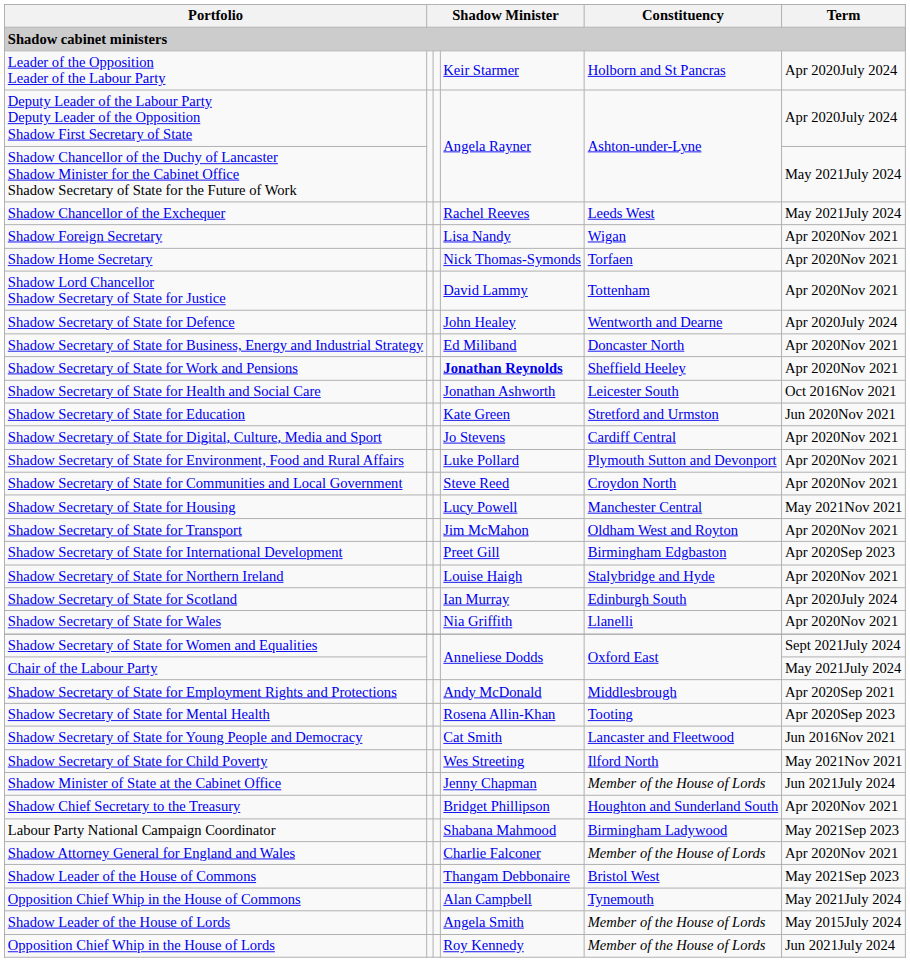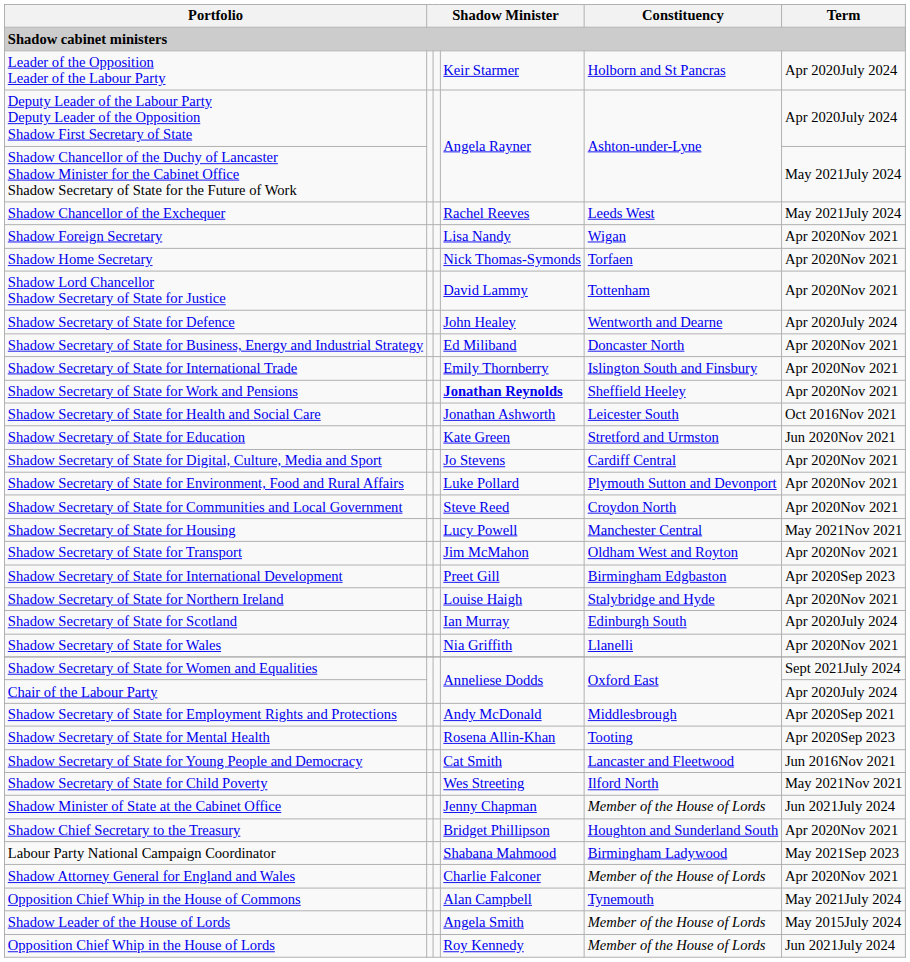 <table class="wikitable">
 <tr>
 <th colspan="1">Portfolio</th>
 <th colspan="3">Shadow Minister</th>
 <th colspan="1">Constituency</th>
 <th colspan="1">Term</th>
 </tr>
 <tr>
 <td style="background:#ccc;" colspan="6"><strong>Shadow cabinet ministers</strong></td>
 </tr>
 <tr>
 <td><a href='#'>Leader of the Opposition</a><br><a href='#'>Leader of the Labour Party</a></td>
 <td style="background: "></td>
 <td></td>
 <td><a href='#'>Keir Starmer</a></td>
 <td><a href='#'>Holborn and St Pancras</a></td>
 <td>Apr 2020July 2024</td>
 </tr>
 <tr>
 <td><a href='#'>Deputy Leader of the Labour Party</a><br><a href='#'>Deputy Leader of the Opposition</a><br><a href='#'>Shadow First Secretary of State</a></td>
 <td rowspan="2" style="background: "></td>
 <td rowspan="2"></td>
 <td rowspan="2"><a href='#'>Angela Rayner</a></td>
 <td rowspan="2"><a href='#'>Ashton-under-Lyne</a></td>
 <td>Apr 2020July 2024</td>
 </tr>
 <tr>
 <td><a href='#'>Shadow Chancellor of the Duchy of Lancaster</a><br><a href='#'>Shadow Minister for the Cabinet Office</a><br>Shadow Secretary of State for the Future of Work<br></td>
 <td>May 2021July 2024</td>
 </tr>
 <tr>
 <td><a href='#'>Shadow Chancellor of the Exchequer</a></td>
 <td style="background: "></td>
 <td></td>
 <td><a href='#'>Rachel Reeves</a></td>
 <td><a href='#'>Leeds West</a></td>
 <td>May 2021July 2024</td>
 </tr>
 <tr>
 <td><a href='#'>Shadow  Foreign Secretary</a></td>
 <td style="background: "></td>
 <td></td>
 <td><a href='#'>Lisa Nandy</a></td>
 <td><a href='#'>Wigan</a></td>
 <td>Apr 2020Nov 2021</td>
 </tr>
 <tr>
 <td><a href='#'>Shadow Home Secretary</a></td>
 <td style="background: "></td>
 <td></td>
 <td><a href='#'>Nick Thomas-Symonds</a></td>
 <td><a href='#'>Torfaen</a></td>
 <td>Apr 2020Nov 2021</td>
 </tr>
 <tr>
 <td><a href='#'>Shadow Lord Chancellor</a><br><a href='#'>Shadow Secretary of State for Justice</a></td>
 <td style="background: "></td>
 <td></td>
 <td><a href='#'>David Lammy</a></td>
 <td><a href='#'>Tottenham</a></td>
 <td>Apr 2020Nov 2021</td>
 </tr>
 <tr>
 <td><a href='#'>Shadow Secretary of State for Defence</a></td>
 <td style="background: "></td>
 <td></td>
 <td><a href='#'>John Healey</a></td>
 <td><a href='#'>Wentworth and Dearne</a></td>
 <td>Apr 2020July 2024</td>
 </tr>
 <tr>
 <td><a href='#'>Shadow Secretary of State for Business, Energy and Industrial Strategy</a></td>
 <td style="background: "></td>
 <td></td>
 <td><a href='#'>Ed Miliband</a></td>
 <td><a href='#'>Doncaster North</a></td>
+<td>Apr 2020Nov 2021</td>
+</tr>
+<tr>
+<td><a href='#'>Shadow Secretary of State for International Trade</a></td>
+<td style="background: "></td>
+<td></td>
+<td><a href='#'>Emily Thornberry</a></td>
+<td><a href='#'>Islington South and Finsbury</a></td>
 <td>Apr 2020Nov 2021</td>
 </tr>
 <tr>
 <td><a href='#'>Shadow Secretary of State for Work and Pensions</a></td>
 <td style="background: "></td>
 <td></td>
 <td><strong><a href='#'>Jonathan Reynolds</a></strong></td>
 <td><a href='#'>Sheffield Heeley</a></td>
 <td>Apr 2020Nov 2021</td>
 </tr>
 <tr>
 <td><a href='#'>Shadow Secretary of State for Health and Social Care</a></td>
 <td style="background: "></td>
 <td></td>
 <td><a href='#'>Jonathan Ashworth</a></td>
 <td><a href='#'>Leicester South</a></td>
 <td>Oct 2016Nov 2021</td>
 </tr>
 <tr>
 <td><a href='#'>Shadow Secretary of State for Education</a></td>
 <td style="background: "></td>
 <td></td>
 <td><a href='#'>Kate Green</a></td>
 <td><a href='#'>Stretford and Urmston</a></td>
 <td>Jun 2020Nov 2021</td>
 </tr>
 <tr>
 <td><a href='#'>Shadow Secretary of State for Digital, Culture, Media and Sport</a></td>
 <td style="background: "></td>
 <td></td>
 <td><a href='#'>Jo Stevens</a></td>
 <td><a href='#'>Cardiff Central</a></td>
 <td>Apr 2020Nov 2021</td>
 </tr>
 <tr>
 <td><a href='#'>Shadow Secretary of State for Environment, Food and Rural Affairs</a></td>
 <td style="background: "></td>
 <td></td>
 <td><a href='#'>Luke Pollard</a></td>
 <td><a href='#'>Plymouth Sutton and Devonport</a></td>
 <td>Apr 2020Nov 2021</td>
 </tr>
 <tr>
 <td><a href='#'>Shadow Secretary of State for Communities and Local Government</a></td>
 <td style="background: "></td>
 <td></td>
 <td><a href='#'>Steve Reed</a></td>
 <td><a href='#'>Croydon North</a></td>
 <td>Apr 2020Nov 2021</td>
 </tr>
 <tr>
 <td><a href='#'>Shadow Secretary of State for Housing</a></td>
 <td style="background: "></td>
 <td></td>
 <td><a href='#'>Lucy Powell</a></td>
 <td><a href='#'>Manchester Central</a></td>
 <td>May 2021Nov 2021</td>
 </tr>
 <tr>
 <td><a href='#'>Shadow Secretary of State for Transport</a></td>
 <td style="background: "></td>
 <td></td>
 <td><a href='#'>Jim McMahon</a></td>
 <td><a href='#'>Oldham West and Royton</a></td>
 <td>Apr 2020Nov 2021</td>
 </tr>
 <tr>
 <td><a href='#'>Shadow Secretary of State for International Development</a></td>
 <td style="background: "></td>
 <td></td>
 <td><a href='#'>Preet Gill</a></td>
 <td><a href='#'>Birmingham Edgbaston</a></td>
 <td>Apr 2020Sep 2023</td>
 </tr>
 <tr>
 <td><a href='#'>Shadow Secretary of State for Northern Ireland</a></td>
 <td style="background: "></td>
 <td></td>
 <td><a href='#'>Louise Haigh</a></td>
 <td><a href='#'>Stalybridge and Hyde</a></td>
 <td>Apr 2020Nov 2021</td>
 </tr>
 <tr>
 <td><a href='#'>Shadow Secretary of State for Scotland</a></td>
 <td style="background: "></td>
 <td></td>
 <td><a href='#'>Ian Murray</a></td>
 <td><a href='#'>Edinburgh South</a></td>
 <td>Apr 2020July 2024</td>
 </tr>
 <tr>
 <td><a href='#'>Shadow Secretary of State for Wales</a></td>
 <td style="background: "></td>
 <td></td>
 <td><a href='#'>Nia Griffith</a></td>
 <td><a href='#'>Llanelli</a></td>
 <td>Apr 2020Nov 2021</td>
 </tr>
 <tr>
 </tr>
 <tr>
 <td><a href='#'>Shadow Secretary of State for Women and Equalities</a></td>
 <td rowspan="2" style="background: "></td>
 <td rowspan="2"></td>
 <td rowspan="2"><a href='#'>Anneliese Dodds</a></td>
 <td rowspan="2"><a href='#'>Oxford East</a></td>
 <td>Sept 2021July 2024</td>
 </tr>
 <tr>
 <td><a href='#'>Chair of the Labour Party</a></td>
-<td>May 2021July 2024</td>
+<td>Apr 2020July 2024</td>
 </tr>
 <tr>
 <td><a href='#'>Shadow Secretary of State for Employment Rights and Protections</a></td>
 <td style="background: "></td>
 <td></td>
 <td><a href='#'>Andy McDonald</a></td>
 <td><a href='#'>Middlesbrough</a></td>
 <td>Apr 2020Sep 2021</td>
 </tr>
 <tr>
 <td><a href='#'>Shadow Secretary of State for Mental Health</a></td>
 <td style="background: "></td>
 <td></td>
 <td><a href='#'>Rosena Allin-Khan</a></td>
 <td><a href='#'>Tooting</a></td>
 <td>Apr 2020Sep 2023</td>
 </tr>
 <tr>
 <td><a href='#'>Shadow Secretary of State for Young People and Democracy</a></td>
 <td style="background: "></td>
 <td></td>
 <td><a href='#'>Cat Smith</a></td>
 <td><a href='#'>Lancaster and Fleetwood</a></td>
 <td>Jun 2016Nov 2021</td>
 </tr>
 <tr>
 <td><a href='#'>Shadow Secretary of State for Child Poverty</a></td>
 <td style="background: "></td>
 <td></td>
 <td><a href='#'>Wes Streeting</a></td>
 <td><a href='#'>Ilford North</a></td>
 <td>May 2021Nov 2021</td>
 </tr>
 <tr>
 <td><a href='#'>Shadow Minister of State at the Cabinet Office</a></td>
 <td style="background: "></td>
 <td></td>
 <td><a href='#'>Jenny Chapman</a></td>
 <td><em>Member of the House of Lords</em></td>
 <td>Jun 2021July 2024</td>
 </tr>
 <tr>
 <td><a href='#'>Shadow Chief Secretary to the Treasury</a></td>
 <td style="background: "></td>
 <td></td>
 <td><a href='#'>Bridget Phillipson</a></td>
 <td><a href='#'>Houghton and Sunderland South</a></td>
 <td>Apr 2020Nov 2021</td>
 </tr>
 <tr>
 <td>Labour Party National Campaign Coordinator</td>
 <td style="background: "></td>
 <td></td>
 <td><a href='#'>Shabana Mahmood</a></td>
 <td><a href='#'>Birmingham Ladywood</a></td>
 <td>May 2021Sep 2023</td>
 </tr>
 <tr>
 <td><a href='#'>Shadow Attorney General for England and Wales</a></td>
 <td style="background: "></td>
 <td></td>
 <td><a href='#'>Charlie Falconer</a></td>
 <td><em>Member of the House of Lords</em></td>
 <td>Apr 2020Nov 2021</td>
 </tr>
 <tr>
-<td><a href='#'>Shadow Leader of the House of Commons</a></td>
-<td style="background: "></td>
-<td></td>
-<td><a href='#'>Thangam Debbonaire</a></td>
-<td><a href='#'>Bristol West</a></td>
-<td>May 2021Sep 2023</td>
-</tr>
-<tr>
 <td><a href='#'>Opposition Chief Whip in the House of Commons</a></td>
 <td style="background: "></td>
 <td></td>
 <td><a href='#'>Alan Campbell</a></td>
 <td><a href='#'>Tynemouth</a></td>
 <td>May 2021July 2024</td>
 </tr>
 <tr>
 <td><a href='#'>Shadow Leader of the House of Lords</a></td>
 <td style="background: "></td>
 <td></td>
 <td><a href='#'>Angela Smith</a></td>
 <td><em>Member of the House of Lords</em></td>
 <td>May 2015July 2024</td>
 </tr>
 <tr>
 <td><a href='#'>Opposition Chief Whip in the House of Lords</a></td>
 <td style="background: "></td>
 <td></td>
 <td><a href='#'>Roy Kennedy</a></td>
 <td><em>Member of the House of Lords</em></td>
 <td>Jun 2021July 2024</td>
 </tr>
 </table>
